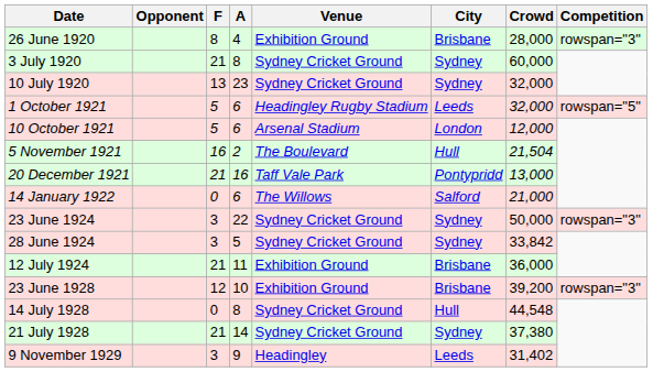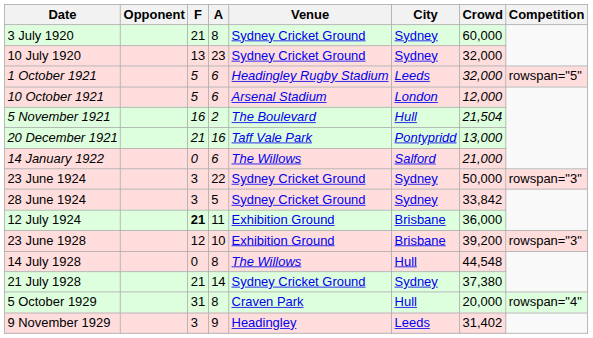 <table class="wikitable sortable">
 <tr>
 <th>Date</th>
 <th>Opponent</th>
 <th>F</th>
 <th>A</th>
 <th>Venue</th>
 <th>City</th>
 <th>Crowd</th>
 <th>Competition</th>
-</tr>
-<tr style="background:#ddffdd;">
-<td>26 June 1920</td>
-<td></td>
-<td>8</td>
-<td>4</td>
-<td><a href='#'>Exhibition Ground</a></td>
-<td><a href='#'>Brisbane</a></td>
-<td>28,000</td>
-<td>rowspan="3"</td>
 </tr>
 <tr style="background:#ddffdd;">
 <td>3 July 1920</td>
 <td></td>
 <td>21</td>
 <td>8</td>
 <td><a href='#'>Sydney Cricket Ground</a></td>
 <td><a href='#'>Sydney</a></td>
 <td>60,000</td>
 </tr>
 <tr style="background:#ffdddd;">
 <td>10 July 1920</td>
 <td></td>
 <td>13</td>
 <td>23</td>
 <td><a href='#'>Sydney Cricket Ground</a></td>
 <td><a href='#'>Sydney</a></td>
 <td>32,000</td>
 </tr>
 <tr style="background:#ffdddd;">
 <td><em>1 October</em> <em>1921</em></td>
 <td><em></em></td>
 <td><em>5</em></td>
 <td><em>6</em></td>
 <td><em><a href='#'>Headingley Rugby Stadium</a></em></td>
 <td><em><a href='#'>Leeds</a></em></td>
 <td><em>32,000</em></td>
 <td>rowspan="5"</td>
 </tr>
 <tr style="background:#ffdddd;">
 <td><em>10 October</em> <em>1921</em></td>
 <td><em></em></td>
 <td><em>5</em></td>
 <td><em>6</em></td>
 <td><em><a href='#'>Arsenal Stadium</a></em></td>
 <td><em><a href='#'>London</a></em></td>
 <td><em>12,000</em></td>
 </tr>
 <tr style="background:#ddffdd;">
 <td><em>5 November</em> <em>1921</em></td>
 <td><em></em></td>
 <td><em>16</em></td>
 <td><em>2</em></td>
 <td><a href='#'><em>The Boulevard</em></a></td>
 <td><a href='#'><em>Hull</em></a></td>
 <td><em>21,504</em></td>
 </tr>
 <tr style="background:#ddffdd;">
 <td><em>20 December</em> <em>1921</em></td>
 <td><em></em></td>
 <td><em>21</em></td>
 <td><em>16</em></td>
 <td><em><a href='#'>Taff Vale Park</a></em></td>
 <td><em><a href='#'>Pontypridd</a></em></td>
 <td><em>13,000</em></td>
 </tr>
 <tr style="background:#ffdddd;">
 <td><em>14 January</em> <em>1922</em></td>
 <td><em></em></td>
 <td><em>0</em></td>
 <td><em>6</em></td>
 <td><a href='#'><em>The Willows</em></a></td>
 <td><a href='#'><em>Salford</em></a></td>
 <td><em>21,000</em></td>
 </tr>
 <tr style="background:#ffdddd;">
 <td>23 June 1924</td>
 <td></td>
 <td>3</td>
 <td>22</td>
 <td><a href='#'>Sydney Cricket Ground</a></td>
 <td><a href='#'>Sydney</a></td>
 <td>50,000</td>
 <td>rowspan="3"</td>
 </tr>
 <tr style="background:#ffdddd;">
 <td>28 June 1924</td>
 <td></td>
 <td>3</td>
 <td>5</td>
 <td><a href='#'>Sydney Cricket Ground</a></td>
 <td><a href='#'>Sydney</a></td>
 <td>33,842</td>
 </tr>
 <tr style="background:#ddffdd;">
 <td>12 July 1924</td>
 <td></td>
-<td>21</td>
+<td><strong>21</strong></td>
 <td>11</td>
 <td><a href='#'>Exhibition Ground</a></td>
 <td><a href='#'>Brisbane</a></td>
 <td>36,000</td>
 </tr>
 <tr style="background:#ffdddd;">
 <td>23 June 1928</td>
 <td></td>
 <td>12</td>
 <td>10</td>
 <td><a href='#'>Exhibition Ground</a></td>
 <td><a href='#'>Brisbane</a></td>
 <td>39,200</td>
 <td>rowspan="3"</td>
 </tr>
 <tr style="background:#ffdddd;">
 <td>14 July 1928</td>
 <td></td>
 <td>0</td>
 <td>8</td>
-<td><a href='#'>Sydney Cricket Ground</a></td>
+<td><a href='#'><em>The Willows</em></a></td>
 <td><a href='#'>Hull</a></td>
 <td>44,548</td>
 </tr>
 <tr style="background:#ddffdd;">
 <td>21 July 1928</td>
 <td></td>
 <td>21</td>
 <td>14</td>
 <td><a href='#'>Sydney Cricket Ground</a></td>
 <td><a href='#'>Sydney</a></td>
 <td>37,380</td>
 </tr>
+<tr style="background:#ddffdd;">
+<td>5 October 1929</td>
+<td></td>
+<td>31</td>
+<td>8</td>
+<td><a href='#'>Craven Park</a></td>
+<td><a href='#'>Hull</a></td>
+<td>20,000</td>
+<td>rowspan="4"</td>
+</tr>
 <tr style="background:#ffdddd;">
 <td>9 November 1929</td>
 <td></td>
 <td>3</td>
 <td>9</td>
 <td><a href='#'>Headingley</a></td>
 <td><a href='#'>Leeds</a></td>
 <td>31,402</td>
 </tr>
 </table>
